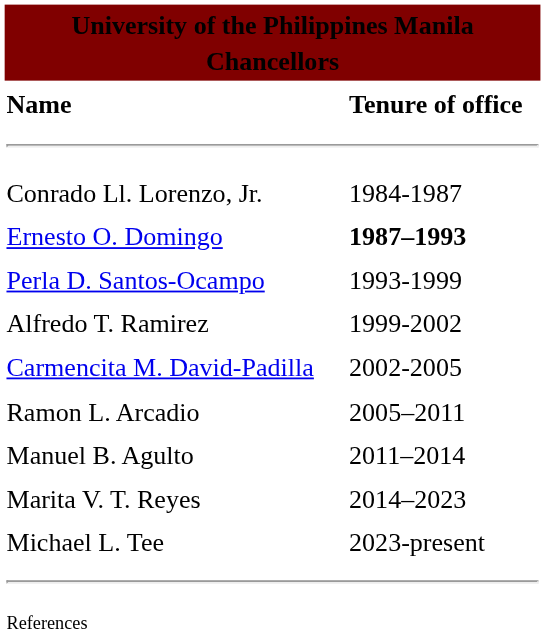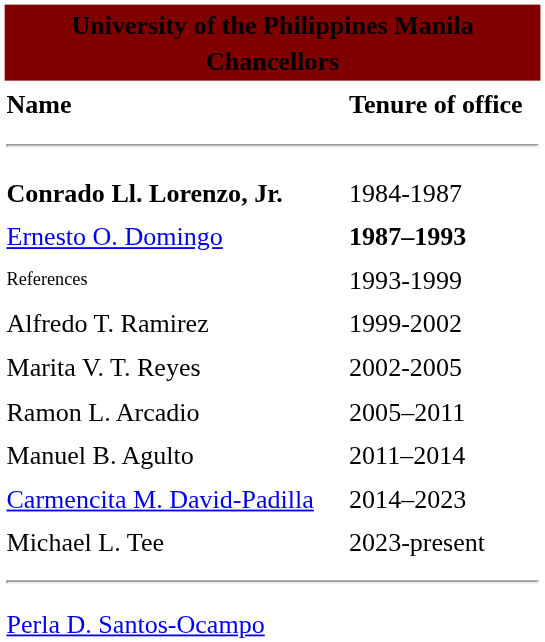 <table class="toccolours" style="float:right; margin-left:1em; font-size:90%; line-height:1.4em; width:300px;">
 <tr>
 <th colspan="2" style="text-align:center; background:#800000;"><span><strong>University of the Philippines Manila<br>Chancellors</strong></span></th>
 </tr>
 <tr>
 <td><strong>Name</strong></td>
 <td><strong>Tenure of office</strong></td>
 </tr>
 <tr>
 <td colspan="2"><hr></td>
 </tr>
 <tr>
 <td></td>
 </tr>
 <tr>
-<td>Conrado Ll. Lorenzo, Jr.</td>
+<td><strong>Conrado Ll. Lorenzo, Jr.</strong></td>
 <td>1984-1987</td>
 </tr>
 <tr>
 <td><a href='#'>Ernesto O. Domingo</a></td>
 <td><strong>1987–1993</strong></td>
 </tr>
 <tr>
-<td><a href='#'>Perla D. Santos-Ocampo</a></td>
+<td style="font-size:70%">References</td>
 <td>1993-1999</td>
 </tr>
 <tr>
 <td>Alfredo T. Ramirez</td>
 <td>1999-2002</td>
 </tr>
 <tr>
-<td><a href='#'>Carmencita M. David-Padilla</a></td>
+<td>Marita V. T. Reyes</td>
 <td>2002-2005</td>
 </tr>
 <tr>
 <td>Ramon L. Arcadio</td>
 <td>2005–2011</td>
 </tr>
 <tr>
 <td>Manuel B. Agulto</td>
 <td>2011–2014</td>
 </tr>
 <tr>
-<td>Marita V. T. Reyes</td>
+<td><a href='#'>Carmencita M. David-Padilla</a></td>
 <td>2014–2023</td>
 </tr>
 <tr>
 <td>Michael L. Tee</td>
 <td>2023-present</td>
 </tr>
 <tr>
 <td colspan="2"><hr></td>
 </tr>
 <tr>
-<td style="font-size:70%">References</td>
+<td><a href='#'>Perla D. Santos-Ocampo</a></td>
 <td></td>
 </tr>
 </table>
